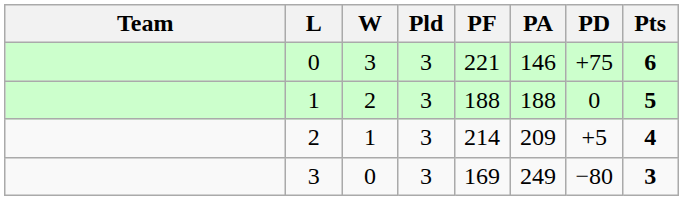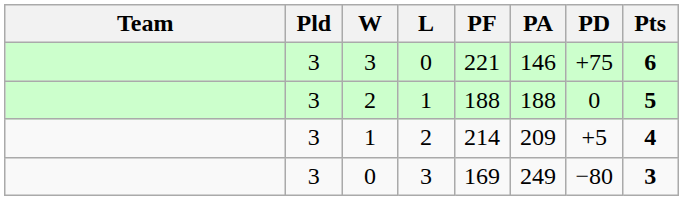 <table class=wikitable style="text-align:center">
 <tr>
 <th width=180>Team</th>
+<th width=30>Pld</th>
+<th width=30>W</th>
 <th width=30>L</th>
-<th width=30>W</th>
-<th width=30>Pld</th>
 <th width=30>PF</th>
 <th width=30>PA</th>
 <th width=30>PD</th>
 <th width=30>Pts</th>
 </tr>
 <tr align=center bgcolor="#ccffcc">
 <td align=left></td>
-<td>0</td>
 <td>3</td>
 <td>3</td>
+<td>0</td>
 <td>221</td>
 <td>146</td>
 <td>+75</td>
 <td><strong>6</strong></td>
 </tr>
 <tr align=center bgcolor="#ccffcc">
 <td align=left></td>
+<td>3</td>
+<td>2</td>
 <td>1</td>
-<td>2</td>
-<td>3</td>
 <td>188</td>
 <td>188</td>
 <td>0</td>
 <td><strong>5</strong></td>
 </tr>
 <tr align=center>
 <td align=left></td>
+<td>3</td>
+<td>1</td>
 <td>2</td>
-<td>1</td>
-<td>3</td>
 <td>214</td>
 <td>209</td>
 <td>+5</td>
 <td><strong>4</strong></td>
 </tr>
 <tr align=center>
 <td align=left></td>
 <td>3</td>
 <td>0</td>
 <td>3</td>
 <td>169</td>
 <td>249</td>
 <td>−80</td>
 <td><strong>3</strong></td>
 </tr>
 </table>
